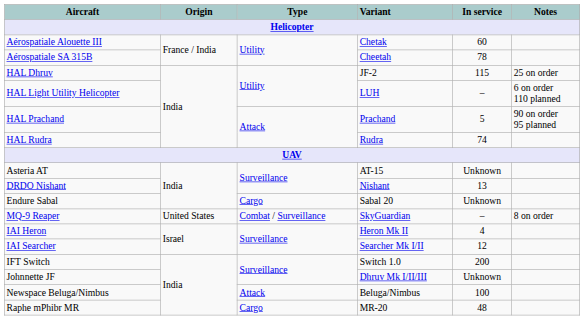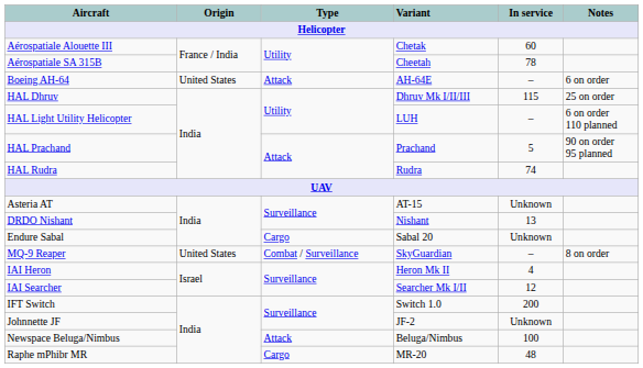 <table class="wikitable sortable" style="width:60em;">
 <tr>
 <th style="text-align:center; background:#acc;">Aircraft</th>
 <th style="text-align: center; background:#acc;">Origin</th>
 <th style="text-align: center; background:#acc;">Type</th>
 <th style="text-align:left; background:#acc;">Variant</th>
 <th style="text-align:center; background:#acc;">In service</th>
 <th style="text-align: center; background:#acc;">Notes</th>
 </tr>
 <tr>
 <th colspan="6" style="align: center; background: lavender;"><a href='#'>Helicopter</a></th>
 </tr>
 <tr>
 <td><a href='#'>Aérospatiale Alouette III</a></td>
 <td rowspan="2">France / India</td>
 <td rowspan="2"><a href='#'>Utility</a></td>
 <td><a href='#'>Chetak</a></td>
 <td align="center">60</td>
 <td></td>
 </tr>
 <tr>
 <td><a href='#'>Aérospatiale SA 315B</a></td>
 <td><a href='#'>Cheetah</a></td>
 <td align="center">78</td>
 <td></td>
 </tr>
 <tr>
+<td><a href='#'>Boeing AH-64</a></td>
+<td>United States</td>
+<td><a href='#'>Attack</a></td>
+<td><a href='#'>AH-64E</a></td>
+<td align="center">–</td>
+<td>6 on order</td>
+</tr>
+<tr>
 <td><a href='#'>HAL Dhruv</a></td>
 <td rowspan="4">India</td>
 <td rowspan="2"><a href='#'>Utility</a></td>
-<td>JF-2</td>
+<td><a href='#'>Dhruv Mk I/II/III</a></td>
 <td align="center">115</td>
 <td>25 on order</td>
 </tr>
 <tr>
 <td><a href='#'>HAL Light Utility Helicopter</a></td>
 <td><a href='#'>LUH</a></td>
 <td align="center">–</td>
 <td>6 on order <br> 110 planned</td>
 </tr>
 <tr>
 <td><a href='#'>HAL Prachand</a></td>
 <td rowspan="2"><a href='#'>Attack</a></td>
 <td><a href='#'>Prachand</a></td>
 <td align="center">5</td>
 <td>90 on order <br> 95 planned</td>
 </tr>
 <tr>
 <td><a href='#'>HAL Rudra</a></td>
 <td><a href='#'>Rudra</a></td>
 <td align="center">74</td>
 <td></td>
 </tr>
 <tr>
 <th colspan="6" style="align: center; background: lavender;"><a href='#'>UAV</a></th>
 </tr>
 <tr>
 <td>Asteria AT</td>
 <td rowspan="3">India</td>
 <td rowspan="2"><a href='#'>Surveillance</a></td>
 <td>AT-15</td>
 <td align="center">Unknown</td>
 <td></td>
 </tr>
 <tr>
 <td><a href='#'>DRDO Nishant</a></td>
 <td><a href='#'>Nishant</a></td>
 <td align="center">13</td>
 <td></td>
 </tr>
 <tr>
 <td>Endure Sabal</td>
 <td><a href='#'>Cargo</a></td>
 <td>Sabal 20</td>
 <td align="center">Unknown</td>
 <td></td>
 </tr>
 <tr>
 <td><a href='#'>MQ-9 Reaper</a></td>
 <td>United States</td>
 <td><a href='#'>Combat</a> / <a href='#'>Surveillance</a></td>
 <td><a href='#'>SkyGuardian</a></td>
 <td align="center">–</td>
 <td>8 on order</td>
 </tr>
 <tr>
 <td><a href='#'>IAI Heron</a></td>
 <td rowspan="2">Israel</td>
 <td rowspan="2"><a href='#'>Surveillance</a></td>
 <td><a href='#'>Heron Mk II</a></td>
 <td align="center">4</td>
 <td></td>
 </tr>
 <tr>
 <td><a href='#'>IAI Searcher</a></td>
 <td><a href='#'>Searcher Mk I/II</a></td>
 <td align="center">12</td>
 <td></td>
 </tr>
 <tr>
 <td>IFT Switch</td>
 <td rowspan="4">India</td>
 <td rowspan="2"><a href='#'>Surveillance</a></td>
 <td>Switch 1.0</td>
 <td align="center">200</td>
 <td></td>
 </tr>
 <tr>
 <td>Johnnette JF</td>
-<td><a href='#'>Dhruv Mk I/II/III</a></td>
+<td>JF-2</td>
 <td align="center">Unknown</td>
 <td></td>
 </tr>
 <tr>
 <td>Newspace Beluga/Nimbus</td>
 <td><a href='#'>Attack</a></td>
 <td>Beluga/Nimbus</td>
 <td align="center">100</td>
 <td></td>
 </tr>
 <tr>
 <td>Raphe mPhibr MR</td>
 <td><a href='#'>Cargo</a></td>
 <td>MR-20</td>
 <td align="center">48</td>
 <td></td>
 </tr>
 </table>
